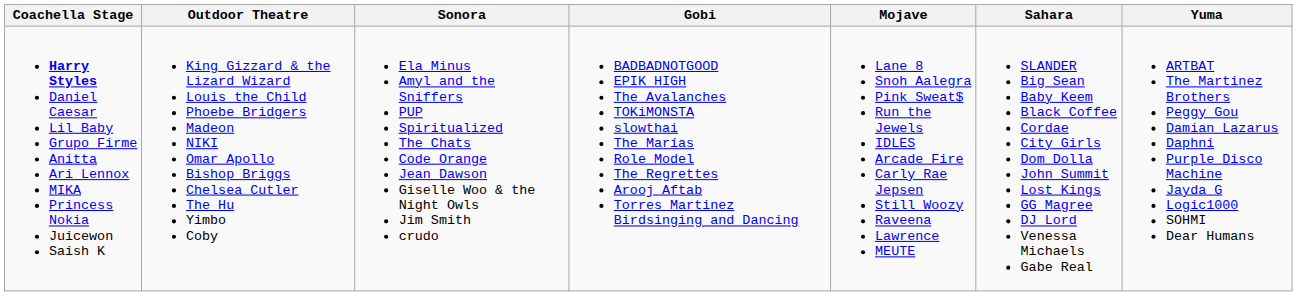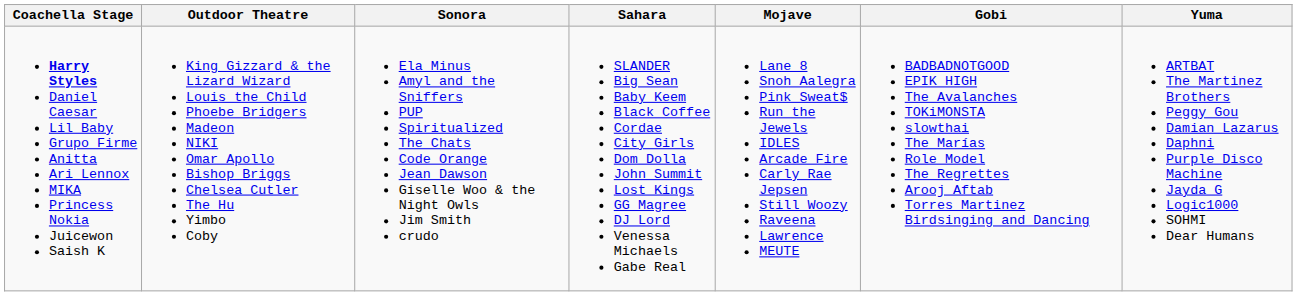 <table class="wikitable">
 <tr>
 <th>Coachella Stage</th>
 <th>Outdoor Theatre</th>
 <th>Sonora</th>
+<th>Sahara</th>
+<th>Mojave</th>
 <th>Gobi</th>
-<th>Mojave</th>
-<th>Sahara</th>
 <th>Yuma</th>
 </tr>
 <tr valign="top">
 <td><br><ul><li><strong><a href='#'>Harry Styles</a></strong></li><li><a href='#'>Daniel Caesar</a></li><li><a href='#'>Lil Baby</a></li><li><a href='#'>Grupo Firme</a></li><li><a href='#'>Anitta</a></li><li><a href='#'>Ari Lennox</a></li><li><a href='#'>MIKA</a></li><li><a href='#'>Princess Nokia</a></li><li>Juicewon </li><li>Saish K </li></ul></td>
 <td><br><ul><li><a href='#'>King Gizzard & the Lizard Wizard</a></li><li><a href='#'>Louis the Child</a></li><li><a href='#'>Phoebe Bridgers</a></li><li><a href='#'>Madeon</a></li><li><a href='#'>NIKI</a></li><li><a href='#'>Omar Apollo</a></li><li><a href='#'>Bishop Briggs</a> </li><li><a href='#'>Chelsea Cutler</a> </li><li><a href='#'>The Hu</a></li><li>Yimbo </li><li>Coby  </li></ul></td>
 <td><br><ul><li><a href='#'>Ela Minus</a></li><li><a href='#'>Amyl and the Sniffers</a></li><li><a href='#'>PUP</a></li><li><a href='#'>Spiritualized</a></li><li><a href='#'>The Chats</a></li><li><a href='#'>Code Orange</a></li><li><a href='#'>Jean Dawson</a></li><li>Giselle Woo & the Night Owls</li><li>Jim Smith </li><li>crudo </li></ul></td>
+<td><br><ul><li><a href='#'>SLANDER</a></li><li><a href='#'>Big Sean</a></li><li><a href='#'>Baby Keem</a></li><li><a href='#'>Black Coffee</a></li><li><a href='#'>Cordae</a></li><li><a href='#'>City Girls</a></li><li><a href='#'>Dom Dolla</a></li><li><a href='#'>John Summit</a></li><li><a href='#'>Lost Kings</a></li><li><a href='#'>GG Magree</a></li><li><a href='#'>DJ Lord</a> </li><li>Venessa Michaels </li><li>Gabe Real </li></ul></td>
+<td><br><ul><li><a href='#'>Lane 8</a></li><li><a href='#'>Snoh Aalegra</a></li><li><a href='#'>Pink Sweat$</a></li><li><a href='#'>Run the Jewels</a> </li><li><a href='#'>IDLES</a></li><li><a href='#'>Arcade Fire</a> </li><li><a href='#'>Carly Rae Jepsen</a></li><li><a href='#'>Still Woozy</a></li><li><a href='#'>Raveena</a></li><li><a href='#'>Lawrence</a></li><li><a href='#'>MEUTE</a></li></ul></td>
 <td><br><ul><li><a href='#'>BADBADNOTGOOD</a></li><li><a href='#'>EPIK HIGH</a></li><li><a href='#'>The Avalanches</a></li><li><a href='#'>TOKiMONSTA</a></li><li><a href='#'>slowthai</a></li><li><a href='#'>The Marías</a></li><li><a href='#'>Role Model</a></li><li><a href='#'>The Regrettes</a></li><li><a href='#'>Arooj Aftab</a></li><li><a href='#'>Torres Martinez Birdsinging and Dancing</a></li></ul></td>
-<td><br><ul><li><a href='#'>Lane 8</a></li><li><a href='#'>Snoh Aalegra</a></li><li><a href='#'>Pink Sweat$</a></li><li><a href='#'>Run the Jewels</a> </li><li><a href='#'>IDLES</a></li><li><a href='#'>Arcade Fire</a> </li><li><a href='#'>Carly Rae Jepsen</a></li><li><a href='#'>Still Woozy</a></li><li><a href='#'>Raveena</a></li><li><a href='#'>Lawrence</a></li><li><a href='#'>MEUTE</a></li></ul></td>
-<td><br><ul><li><a href='#'>SLANDER</a></li><li><a href='#'>Big Sean</a></li><li><a href='#'>Baby Keem</a></li><li><a href='#'>Black Coffee</a></li><li><a href='#'>Cordae</a></li><li><a href='#'>City Girls</a></li><li><a href='#'>Dom Dolla</a></li><li><a href='#'>John Summit</a></li><li><a href='#'>Lost Kings</a></li><li><a href='#'>GG Magree</a></li><li><a href='#'>DJ Lord</a> </li><li>Venessa Michaels </li><li>Gabe Real </li></ul></td>
 <td><br><ul><li><a href='#'>ARTBAT</a></li><li><a href='#'>The Martinez Brothers</a></li><li><a href='#'>Peggy Gou</a></li><li><a href='#'>Damian Lazarus</a></li><li><a href='#'>Daphni</a></li><li><a href='#'>Purple Disco Machine</a></li><li><a href='#'>Jayda G</a></li><li><a href='#'>Logic1000</a></li><li>SOHMI</li><li>Dear Humans</li></ul></td>
 </tr>
 </table>
